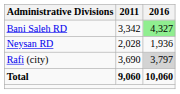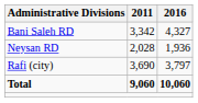 <table class="wikitable">
 <tr>
 <th>Administrative Divisions</th>
 <th>2011</th>
 <th>2016</th>
 </tr>
 <tr>
 <td><a href='#'>Bani Saleh RD</a></td>
 <td style="text-align: right;">3,342</td>
-<td style="background: lightgreen; text-align: right;">4,327</td>
+<td style="text-align: right;">4,327</td>
 </tr>
 <tr>
 <td><a href='#'>Neysan RD</a></td>
 <td style="text-align: right;">2,028</td>
 <td style="text-align: right;">1,936</td>
 </tr>
 <tr>
 <td><a href='#'>Rafi</a> (city)</td>
 <td style="text-align: right;">3,690</td>
-<td style="background: lightgrey; text-align: right;">3,797</td>
+<td style="text-align: right;">3,797</td>
 </tr>
 <tr>
 <td><strong>Total</strong></td>
 <td style="text-align: right;"><strong>9,060</strong></td>
 <td style="text-align: right;"><strong>10,060</strong></td>
 </tr>
 <tr>
 <td colspan=3></td>
 </tr>
 </table>
